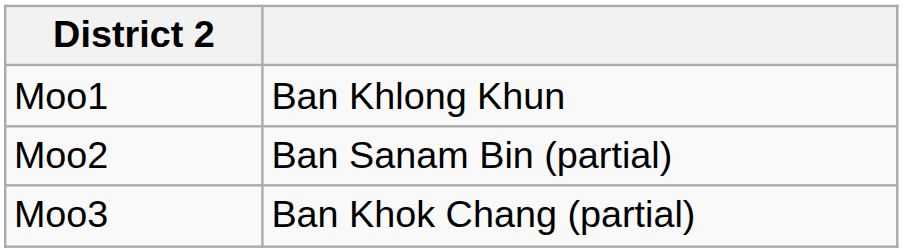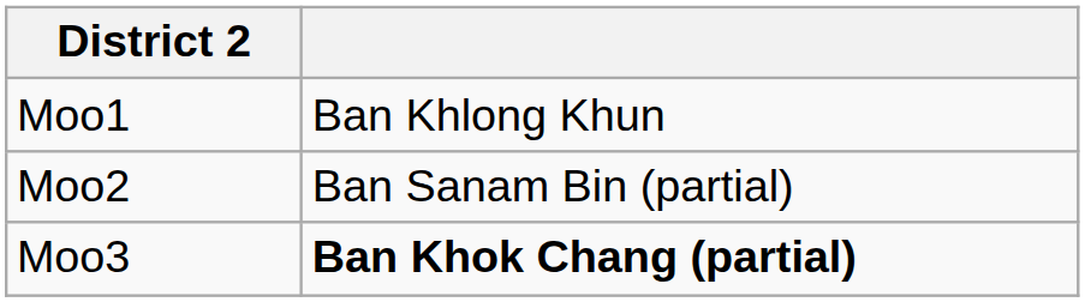 <table class="wikitable" style="width:30%;display:inline-table;">
 <tr>
 <th>District 2</th>
 <th></th>
 </tr>
 <tr>
 <td>Moo1</td>
 <td>Ban Khlong Khun</td>
 </tr>
 <tr>
 <td>Moo2</td>
 <td>Ban Sanam Bin (partial)</td>
 </tr>
 <tr>
 <td>Moo3</td>
-<td>Ban Khok Chang (partial)</td>
+<td><strong>Ban Khok Chang (partial)</strong></td>
 </tr>
 </table>
